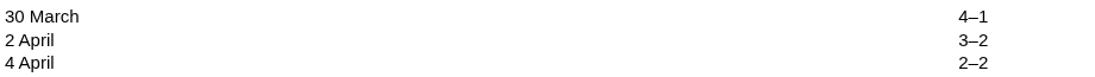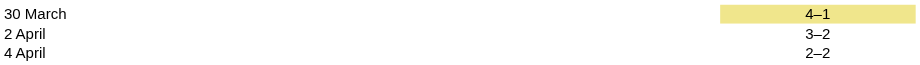 <table cellspacing=1 width=70%>
 <tr>
 <th width=25%></th>
 <th width=30%></th>
 <th width=15%></th>
 <th width=30%></th>
 </tr>
 <tr>
 <td>30 March</td>
 <td align=right></td>
-<td align=center>4–1</td>
+<td align=center style="background: khaki;">4–1</td>
 <td></td>
 </tr>
 <tr>
 <td>2 April</td>
 <td align=right></td>
 <td align=center>3–2</td>
 <td></td>
 </tr>
 <tr>
 <td>4 April</td>
 <td align=right></td>
 <td align=center>2–2</td>
 <td></td>
 </tr>
 </table>
